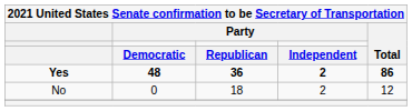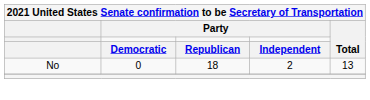 <table class=wikitable style="text-align:center">
 <tr>
 <th style="background:#f5f5f5" colspan=5>2021 United States <a href='#'>Senate confirmation</a> to be <a href='#'>Secretary of Transportation</a></th>
 </tr>
 <tr style="vertical-align:bottom;">
 <th style="width: 9em;"><br></th>
 <th colspan=3>Party</th>
 <th rowspan=3>Total</th>
 </tr>
 <tr style="height:5px">
 <th></th>
 <td style="background-color:"></td>
 <td style="background-color:"></td>
 <td style="background-color:"></td>
 </tr>
 <tr style="vertical-align:bottom;">
 <th></th>
 <th><a href='#'>Democratic</a></th>
 <th><a href='#'>Republican</a></th>
 <th><a href='#'>Independent</a></th>
 </tr>
 <tr>
-<td><strong>Yes</strong></td>
-<td><strong>48</strong></td>
-<td><strong>36</strong></td>
-<td><strong>2</strong></td>
-<td><strong>86</strong></td>
-</tr>
-<tr>
 <td>No</td>
 <td>0</td>
 <td>18</td>
 <td>2</td>
-<td>12</td>
+<td>13</td>
 </tr>
 <tr>
 </tr>
 <tr>
 <td style="background:#f5f5f5" colspan=5></td>
 </tr>
 </table>
